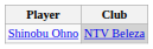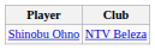 <table class="wikitable">
 <tr>
 <th>Player</th>
 <th>Club</th>
 </tr>
 <tr>
 <td> <a href='#'>Shinobu Ohno</a></td>
-<td style="background: lightgrey;"><a href='#'>NTV Beleza</a></td>
+<td><a href='#'>NTV Beleza</a></td>
 </tr>
 </table>
